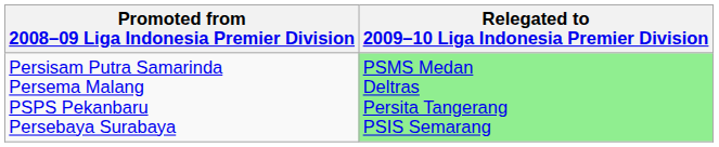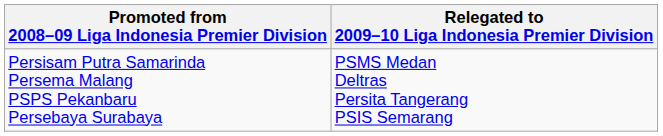 <table class="wikitable">
 <tr>
 <th>Promoted from<br><a href='#'>2008–09 Liga Indonesia Premier Division</a></th>
 <th>Relegated to<br><a href='#'>2009–10 Liga Indonesia Premier Division</a></th>
 </tr>
 <tr>
 <td><a href='#'>Persisam Putra Samarinda</a><br> <a href='#'>Persema Malang</a><br> <a href='#'>PSPS Pekanbaru</a> <br><a href='#'>Persebaya Surabaya</a></td>
-<td style="background: lightgreen;"><a href='#'>PSMS Medan</a><br><a href='#'>Deltras</a><br><a href='#'>Persita Tangerang</a> <br><a href='#'>PSIS Semarang</a></td>
+<td><a href='#'>PSMS Medan</a><br><a href='#'>Deltras</a><br><a href='#'>Persita Tangerang</a> <br><a href='#'>PSIS Semarang</a></td>
 </tr>
 </table>
